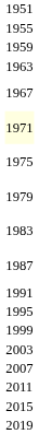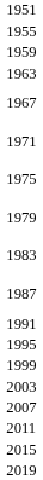 <table>
 <tr>
 <td>1951</td>
 <td></td>
 <td></td>
 <td></td>
 </tr>
 <tr>
 <td>1955</td>
 <td></td>
 <td></td>
 <td></td>
 </tr>
 <tr>
 <td>1959</td>
 <td></td>
 <td></td>
 <td></td>
 </tr>
 <tr>
 <td>1963</td>
 <td></td>
 <td></td>
 <td></td>
 </tr>
 <tr>
 <td>1967</td>
 <td></td>
 <td></td>
 <td><br><br></td>
 </tr>
 <tr>
-<td style="background: lightyellow;">1971</td>
+<td>1971</td>
 <td></td>
 <td></td>
 <td><br><br></td>
 </tr>
 <tr>
 <td>1975</td>
 <td></td>
 <td></td>
 <td><br><br></td>
 </tr>
 <tr>
 <td>1979</td>
 <td></td>
 <td></td>
 <td><br><br></td>
 </tr>
 <tr>
 <td>1983</td>
 <td></td>
 <td></td>
 <td><br><br></td>
 </tr>
 <tr>
 <td>1987</td>
 <td></td>
 <td></td>
 <td><br><br></td>
 </tr>
 <tr>
 <td>1991</td>
 <td></td>
 <td></td>
 <td><br></td>
 </tr>
 <tr>
 <td>1995</td>
 <td></td>
 <td></td>
 <td><br></td>
 </tr>
 <tr>
 <td>1999</td>
 <td></td>
 <td></td>
 <td><br></td>
 </tr>
 <tr>
 <td>2003</td>
 <td></td>
 <td></td>
 <td><br></td>
 </tr>
 <tr>
 <td>2007</td>
 <td></td>
 <td></td>
 <td><br></td>
 </tr>
 <tr>
 <td rowspan=2>2011<br></td>
 <td rowspan=2></td>
 <td rowspan=2></td>
 <td></td>
 </tr>
 <tr>
 <td></td>
 </tr>
 <tr>
 <td rowspan=2>2015<br></td>
 <td rowspan=2></td>
 <td rowspan=2></td>
 <td></td>
 </tr>
 <tr>
 <td></td>
 </tr>
 <tr>
 <td rowspan=2>2019<br></td>
 <td rowspan=2></td>
 <td rowspan=2></td>
 <td></td>
 </tr>
 <tr>
 <td></td>
 </tr>
 </table>
